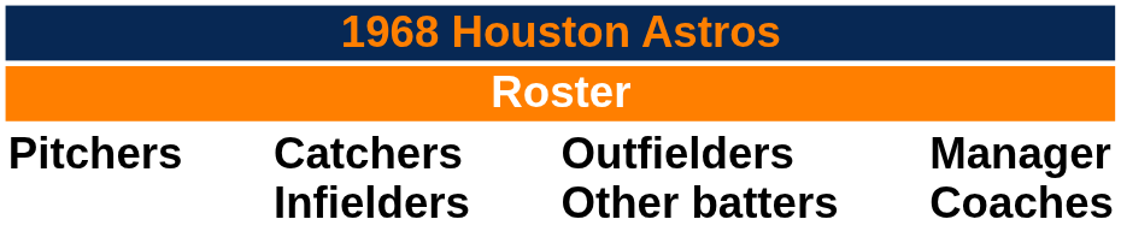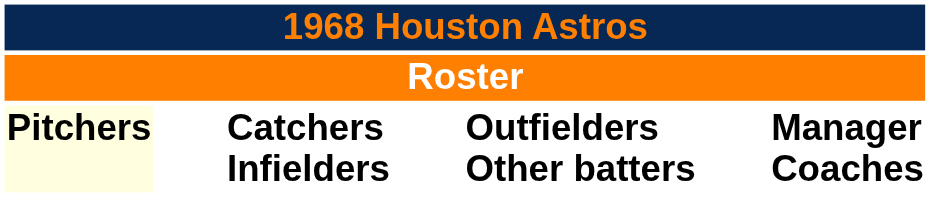 <table class="toccolours" style="text-align: left;">
 <tr>
 <th colspan="10" style="background-color: #072854; color: #FF7F00; text-align: center;">1968 Houston Astros</th>
 </tr>
 <tr>
 <td colspan="10" style="background-color: #FF7F00; color: white; text-align: center;"><strong>Roster</strong></td>
 </tr>
 <tr>
-<td valign="top"><strong>Pitchers</strong><br>             </td>
+<td valign="top" style="background: lightyellow;"><strong>Pitchers</strong><br>             </td>
 <td width="25px"></td>
 <td valign="top"><strong>Catchers</strong><br>    <strong>Infielders</strong>         </td>
 <td width="25px"></td>
 <td valign="top"><strong>Outfielders</strong><br>          <strong>Other batters</strong> </td>
 <td width="25px"></td>
 <td valign="top"><strong>Manager</strong><br>  <strong>Coaches</strong>    </td>
 </tr>
 </table>
